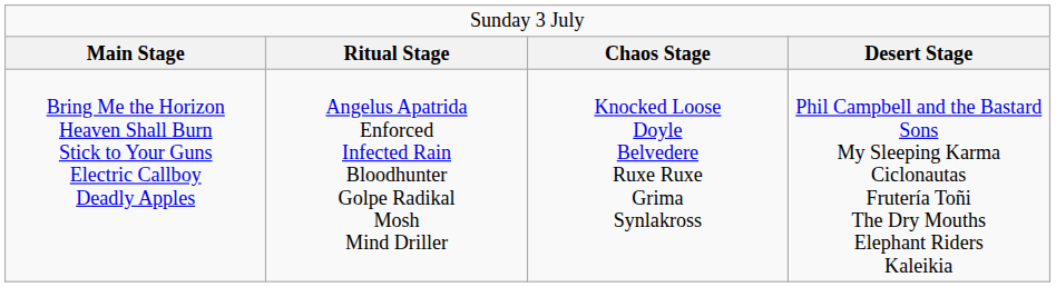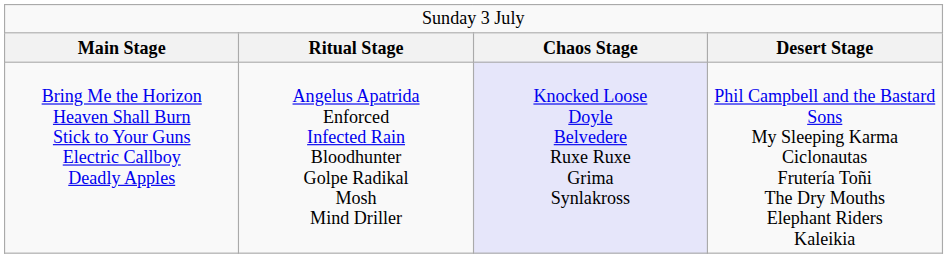 <table class="wikitable">
 <tr>
 <td colspan="4" style="text-align:center;">Sunday 3 July</td>
 </tr>
 <tr>
 <th>Main Stage</th>
 <th>Ritual Stage</th>
 <th>Chaos Stage</th>
 <th>Desert Stage</th>
 </tr>
 <tr>
 <td style="text-align:center; vertical-align:top; width:200px;"><br><a href='#'>Bring Me the Horizon</a> <br> <a href='#'>Heaven Shall Burn</a> <br> <a href='#'>Stick to Your Guns</a> <br> <a href='#'>Electric Callboy</a> <br> <a href='#'>Deadly Apples</a></td>
 <td style="text-align:center; vertical-align:top; width:200px;"><br><a href='#'>Angelus Apatrida</a> <br> Enforced <br> <a href='#'>Infected Rain</a> <br> Bloodhunter <br> Golpe Radikal <br> Mosh <br> Mind Driller</td>
-<td style="text-align:center; vertical-align:top; width:200px;"><br><a href='#'>Knocked Loose</a> <br> <a href='#'>Doyle</a> <br> <a href='#'>Belvedere</a> <br> Ruxe Ruxe <br> Grima <br> Synlakross</td>
+<td style="background: lavender; text-align:center; vertical-align:top; width:200px;"><br><a href='#'>Knocked Loose</a> <br> <a href='#'>Doyle</a> <br> <a href='#'>Belvedere</a> <br> Ruxe Ruxe <br> Grima <br> Synlakross</td>
 <td style="text-align:center; vertical-align:top; width:200px;"><br><a href='#'>Phil Campbell and the Bastard Sons</a> <br> My Sleeping Karma <br> Ciclonautas <br> Frutería Toñi <br> The Dry Mouths <br> Elephant Riders <br> Kaleikia</td>
 </tr>
 </table>
